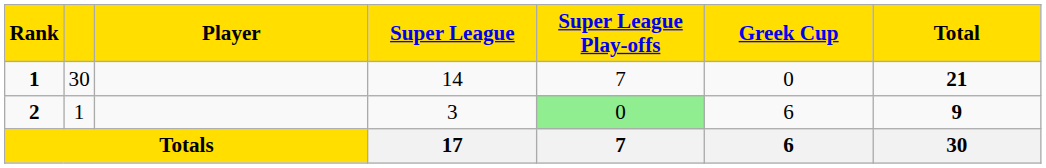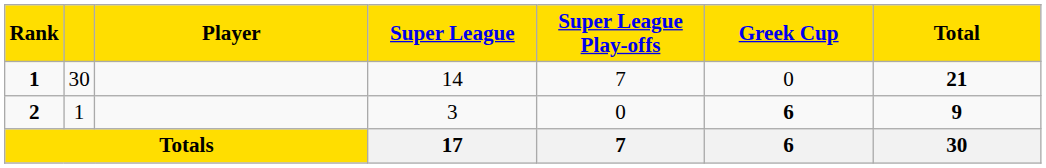 <table class="wikitable sortable" style="text-align:center">
 <tr>
 <th style="background:#FFDE00">Rank</th>
 <th style="background:#FFDE00"></th>
 <th width=200 style="background:#FFDE00">Player</th>
 <th width=120 style="background:#FFDE00"><a href='#'>Super League</a></th>
 <th width=120 style="background:#FFDE00"><a href='#'>Super League Play-offs</a></th>
 <th width=120 style="background:#FFDE00"><a href='#'>Greek Cup</a></th>
 <th width=120 style="background:#FFDE00">Total</th>
 </tr>
 <tr>
 <td><strong>1</strong></td>
 <td>30</td>
 <td align=left></td>
 <td>14</td>
 <td>7</td>
 <td>0</td>
 <td><strong>21</strong></td>
 </tr>
 <tr>
 <td><strong>2</strong></td>
 <td>1</td>
 <td align=left></td>
 <td>3</td>
-<td style="background: lightgreen;">0</td>
-<td>6</td>
+<td>0</td>
+<td><strong>6</strong></td>
 <td><strong>9</strong></td>
 </tr>
 <tr class="sortbottom">
 <th colspan=3 style="background:#FFDE00"><strong>Totals</strong></th>
 <th><strong>17</strong></th>
 <th><strong> 7</strong></th>
 <th><strong> 6</strong></th>
 <th><strong>30</strong></th>
 </tr>
 </table>
